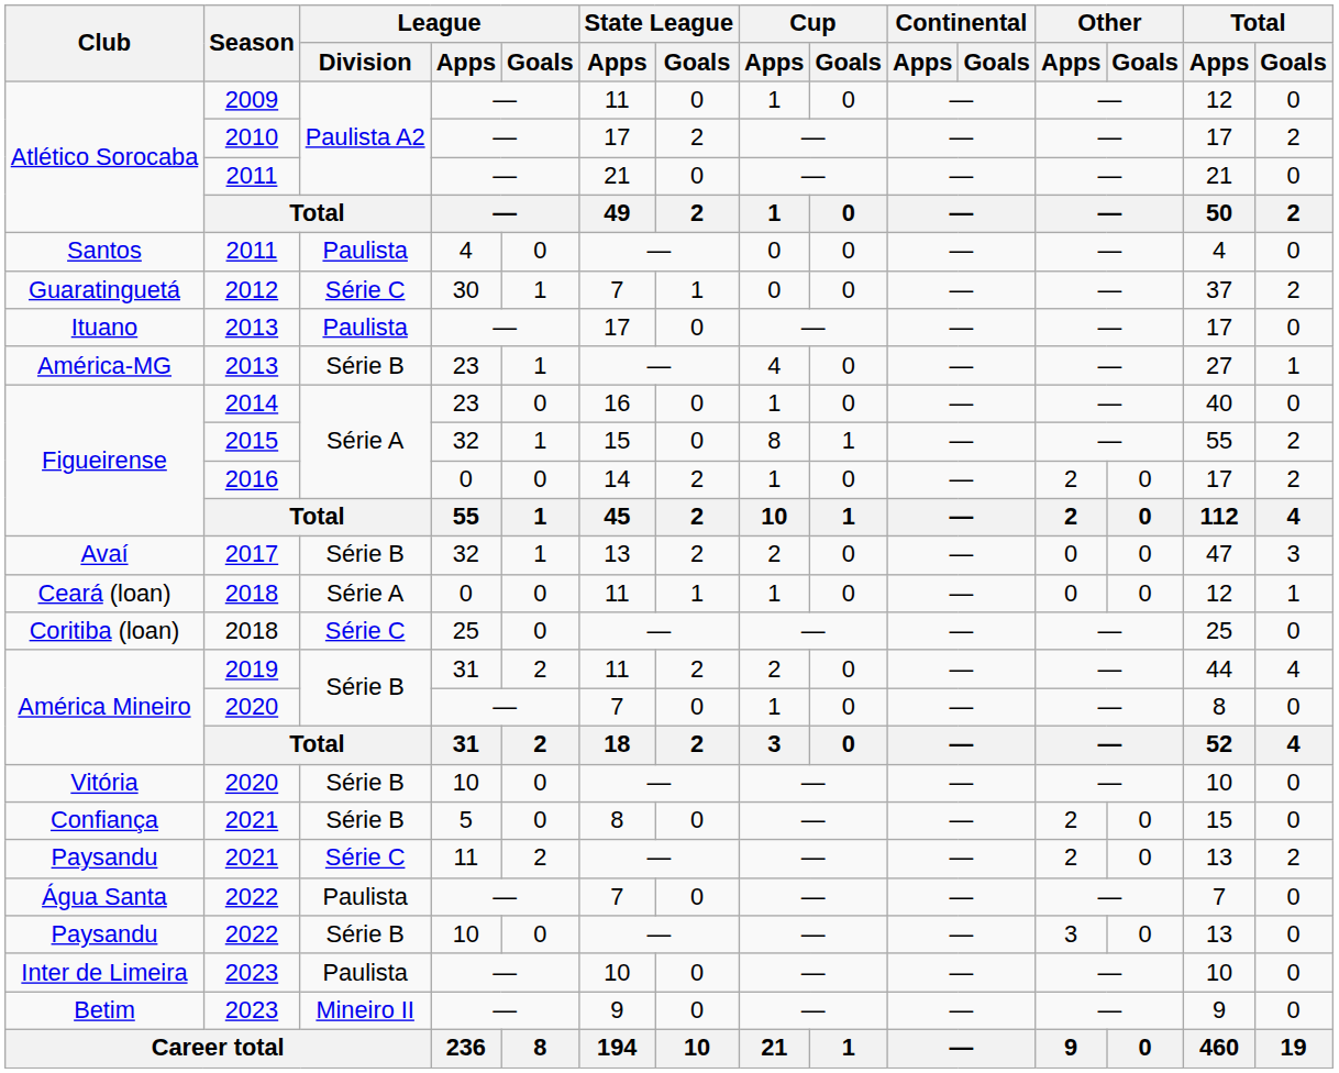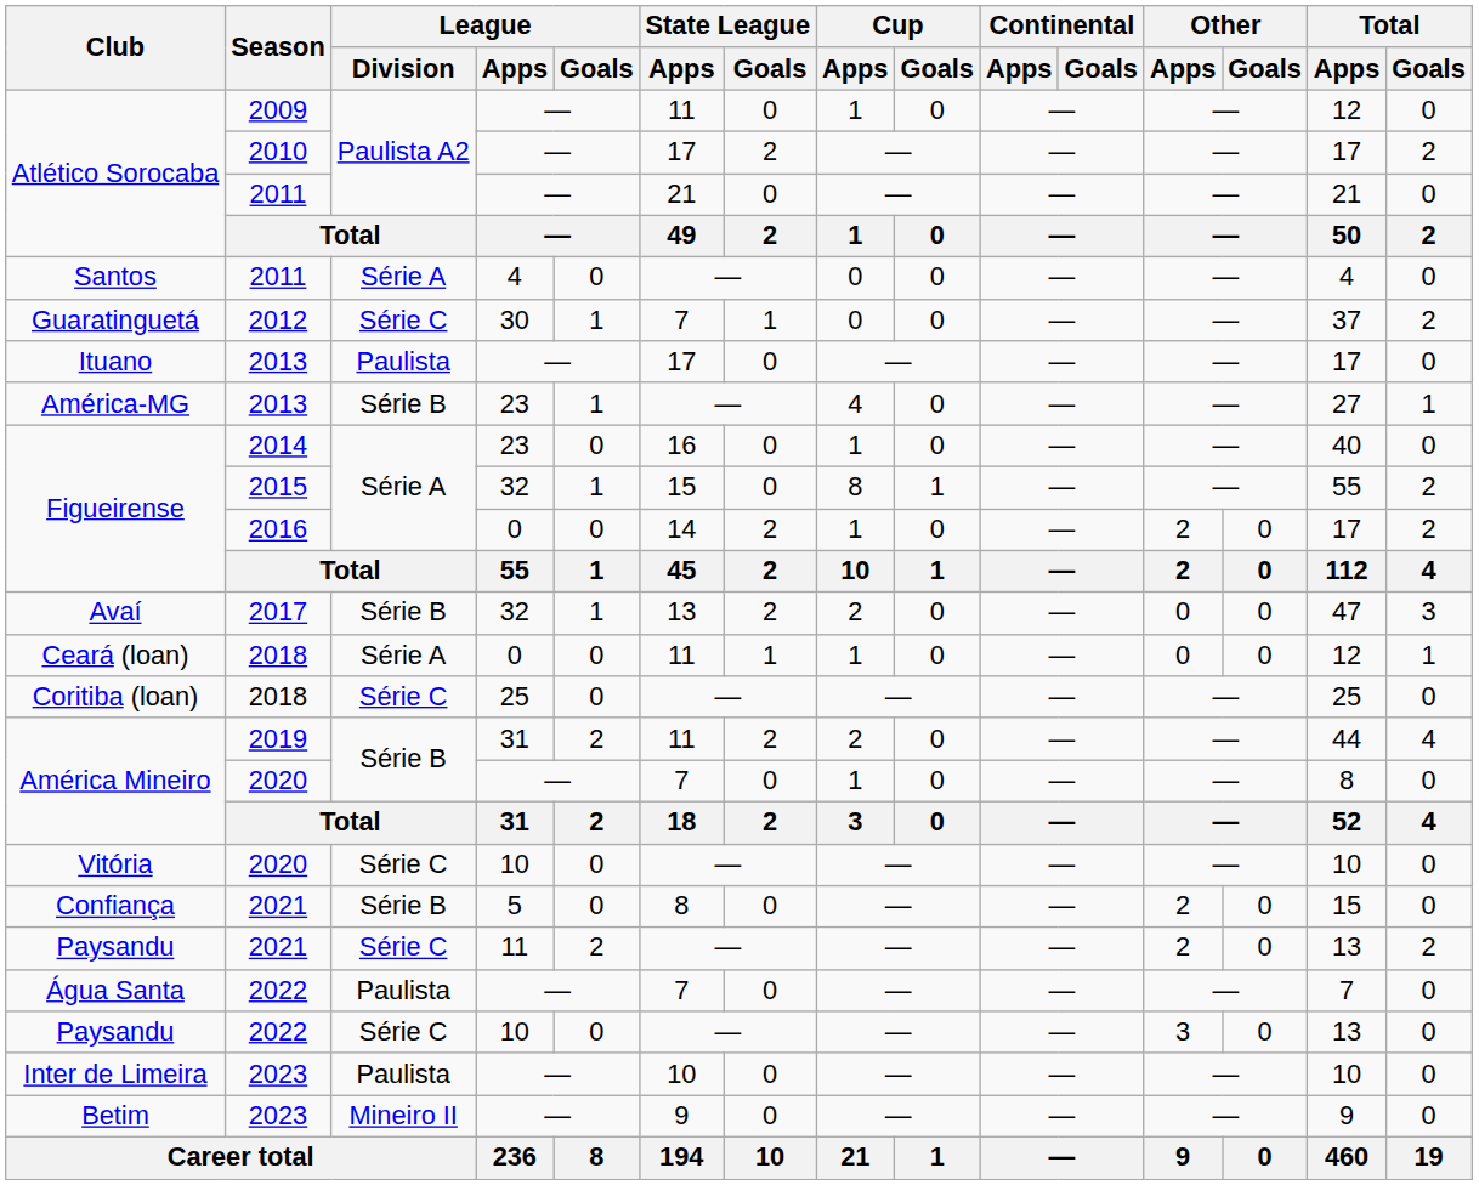 <table class="wikitable" style="text-align: center;">
 <tr>
 <th rowspan="2">Club</th>
 <th rowspan="2">Season</th>
 <th colspan="3">League</th>
 <th colspan="2">State League</th>
 <th colspan="2">Cup</th>
 <th colspan="2">Continental</th>
 <th colspan="2">Other</th>
 <th colspan="2">Total</th>
 </tr>
 <tr>
 <th>Division</th>
 <th>Apps</th>
 <th>Goals</th>
 <th>Apps</th>
 <th>Goals</th>
 <th>Apps</th>
 <th>Goals</th>
 <th>Apps</th>
 <th>Goals</th>
 <th>Apps</th>
 <th>Goals</th>
 <th>Apps</th>
 <th>Goals</th>
 </tr>
 <tr>
 <td rowspan="4" valign="center"><a href='#'>Atlético Sorocaba</a></td>
 <td><a href='#'>2009</a></td>
 <td rowspan="3"><a href='#'>Paulista A2</a></td>
 <td colspan="2">—</td>
 <td>11</td>
 <td>0</td>
 <td>1</td>
 <td>0</td>
 <td colspan="2">—</td>
 <td colspan="2">—</td>
 <td>12</td>
 <td>0</td>
 </tr>
 <tr>
 <td><a href='#'>2010</a></td>
 <td colspan="2">—</td>
 <td>17</td>
 <td>2</td>
 <td colspan="2">—</td>
 <td colspan="2">—</td>
 <td colspan="2">—</td>
 <td>17</td>
 <td>2</td>
 </tr>
 <tr>
 <td><a href='#'>2011</a></td>
 <td colspan="2">—</td>
 <td>21</td>
 <td>0</td>
 <td colspan="2">—</td>
 <td colspan="2">—</td>
 <td colspan="2">—</td>
 <td>21</td>
 <td>0</td>
 </tr>
 <tr>
 <th colspan="2">Total</th>
 <th colspan="2">—</th>
 <th>49</th>
 <th>2</th>
 <th>1</th>
 <th>0</th>
 <th colspan="2">—</th>
 <th colspan="2">—</th>
 <th>50</th>
 <th>2</th>
 </tr>
 <tr>
 <td valign="center"><a href='#'>Santos</a></td>
 <td><a href='#'>2011</a></td>
-<td><a href='#'>Paulista</a></td>
+<td><a href='#'>Série A</a></td>
 <td>4</td>
 <td>0</td>
 <td colspan="2">—</td>
 <td>0</td>
 <td>0</td>
 <td colspan="2">—</td>
 <td colspan="2">—</td>
 <td>4</td>
 <td>0</td>
 </tr>
 <tr>
 <td valign="center"><a href='#'>Guaratinguetá</a></td>
 <td><a href='#'>2012</a></td>
 <td><a href='#'>Série C</a></td>
 <td>30</td>
 <td>1</td>
 <td>7</td>
 <td>1</td>
 <td>0</td>
 <td>0</td>
 <td colspan="2">—</td>
 <td colspan="2">—</td>
 <td>37</td>
 <td>2</td>
 </tr>
 <tr>
 <td valign="center"><a href='#'>Ituano</a></td>
 <td><a href='#'>2013</a></td>
 <td><a href='#'>Paulista</a></td>
 <td colspan="2">—</td>
 <td>17</td>
 <td>0</td>
 <td colspan="2">—</td>
 <td colspan="2">—</td>
 <td colspan="2">—</td>
 <td>17</td>
 <td>0</td>
 </tr>
 <tr>
 <td valign="center"><a href='#'>América-MG</a></td>
 <td><a href='#'>2013</a></td>
 <td>Série B</td>
 <td>23</td>
 <td>1</td>
 <td colspan="2">—</td>
 <td>4</td>
 <td>0</td>
 <td colspan="2">—</td>
 <td colspan="2">—</td>
 <td>27</td>
 <td>1</td>
 </tr>
 <tr>
 <td rowspan="4" valign="center"><a href='#'>Figueirense</a></td>
 <td><a href='#'>2014</a></td>
 <td rowspan="3">Série A</td>
 <td>23</td>
 <td>0</td>
 <td>16</td>
 <td>0</td>
 <td>1</td>
 <td>0</td>
 <td colspan="2">—</td>
 <td colspan="2">—</td>
 <td>40</td>
 <td>0</td>
 </tr>
 <tr>
 <td><a href='#'>2015</a></td>
 <td>32</td>
 <td>1</td>
 <td>15</td>
 <td>0</td>
 <td>8</td>
 <td>1</td>
 <td colspan="2">—</td>
 <td colspan="2">—</td>
 <td>55</td>
 <td>2</td>
 </tr>
 <tr>
 <td><a href='#'>2016</a></td>
 <td>0</td>
 <td>0</td>
 <td>14</td>
 <td>2</td>
 <td>1</td>
 <td>0</td>
 <td colspan="2">—</td>
 <td>2</td>
 <td>0</td>
 <td>17</td>
 <td>2</td>
 </tr>
 <tr>
 <th colspan="2">Total</th>
 <th>55</th>
 <th>1</th>
 <th>45</th>
 <th>2</th>
 <th>10</th>
 <th>1</th>
 <th colspan="2">—</th>
 <th>2</th>
 <th>0</th>
 <th>112</th>
 <th>4</th>
 </tr>
 <tr>
 <td valign="center"><a href='#'>Avaí</a></td>
 <td><a href='#'>2017</a></td>
 <td>Série B</td>
 <td>32</td>
 <td>1</td>
 <td>13</td>
 <td>2</td>
 <td>2</td>
 <td>0</td>
 <td colspan="2">—</td>
 <td>0</td>
 <td>0</td>
 <td>47</td>
 <td>3</td>
 </tr>
 <tr>
 <td valign="center"><a href='#'>Ceará</a> (loan)</td>
 <td><a href='#'>2018</a></td>
 <td>Série A</td>
 <td>0</td>
 <td>0</td>
 <td>11</td>
 <td>1</td>
 <td>1</td>
 <td>0</td>
 <td colspan="2">—</td>
 <td>0</td>
 <td>0</td>
 <td>12</td>
 <td>1</td>
 </tr>
 <tr>
 <td valign="center"><a href='#'>Coritiba</a> (loan)</td>
 <td>2018</td>
 <td><a href='#'>Série C</a></td>
 <td>25</td>
 <td>0</td>
 <td colspan="2">—</td>
 <td colspan="2">—</td>
 <td colspan="2">—</td>
 <td colspan="2">—</td>
 <td>25</td>
 <td>0</td>
 </tr>
 <tr>
 <td rowspan="3" valign="center"><a href='#'>América Mineiro</a></td>
 <td><a href='#'>2019</a></td>
 <td rowspan="2">Série B</td>
 <td>31</td>
 <td>2</td>
 <td>11</td>
 <td>2</td>
 <td>2</td>
 <td>0</td>
 <td colspan="2">—</td>
 <td colspan="2">—</td>
 <td>44</td>
 <td>4</td>
 </tr>
 <tr>
 <td><a href='#'>2020</a></td>
 <td colspan="2">—</td>
 <td>7</td>
 <td>0</td>
 <td>1</td>
 <td>0</td>
 <td colspan="2">—</td>
 <td colspan="2">—</td>
 <td>8</td>
 <td>0</td>
 </tr>
 <tr>
 <th colspan="2">Total</th>
 <th>31</th>
 <th>2</th>
 <th>18</th>
 <th>2</th>
 <th>3</th>
 <th>0</th>
 <th colspan="2">—</th>
 <th colspan="2">—</th>
 <th>52</th>
 <th>4</th>
 </tr>
 <tr>
 <td valign="center"><a href='#'>Vitória</a></td>
 <td><a href='#'>2020</a></td>
-<td>Série B</td>
+<td>Série C</td>
 <td>10</td>
 <td>0</td>
 <td colspan="2">—</td>
 <td colspan="2">—</td>
 <td colspan="2">—</td>
 <td colspan="2">—</td>
 <td>10</td>
 <td>0</td>
 </tr>
 <tr>
 <td valign="center"><a href='#'>Confiança</a></td>
 <td><a href='#'>2021</a></td>
 <td>Série B</td>
 <td>5</td>
 <td>0</td>
 <td>8</td>
 <td>0</td>
 <td colspan="2">—</td>
 <td colspan="2">—</td>
 <td>2</td>
 <td>0</td>
 <td>15</td>
 <td>0</td>
 </tr>
 <tr>
 <td valign="center"><a href='#'>Paysandu</a></td>
 <td><a href='#'>2021</a></td>
 <td><a href='#'>Série C</a></td>
 <td>11</td>
 <td>2</td>
 <td colspan="2">—</td>
 <td colspan="2">—</td>
 <td colspan="2">—</td>
 <td>2</td>
 <td>0</td>
 <td>13</td>
 <td>2</td>
 </tr>
 <tr>
 <td valign="center"><a href='#'>Água Santa</a></td>
 <td><a href='#'>2022</a></td>
 <td>Paulista</td>
 <td colspan="2">—</td>
 <td>7</td>
 <td>0</td>
 <td colspan="2">—</td>
 <td colspan="2">—</td>
 <td colspan="2">—</td>
 <td>7</td>
 <td>0</td>
 </tr>
 <tr>
 <td valign="center"><a href='#'>Paysandu</a></td>
 <td><a href='#'>2022</a></td>
-<td>Série B</td>
+<td>Série C</td>
 <td>10</td>
 <td>0</td>
 <td colspan="2">—</td>
 <td colspan="2">—</td>
 <td colspan="2">—</td>
 <td>3</td>
 <td>0</td>
 <td>13</td>
 <td>0</td>
 </tr>
 <tr>
 <td valign="center"><a href='#'>Inter de Limeira</a></td>
 <td><a href='#'>2023</a></td>
 <td>Paulista</td>
 <td colspan="2">—</td>
 <td>10</td>
 <td>0</td>
 <td colspan="2">—</td>
 <td colspan="2">—</td>
 <td colspan="2">—</td>
 <td>10</td>
 <td>0</td>
 </tr>
 <tr>
 <td valign="center"><a href='#'>Betim</a></td>
 <td><a href='#'>2023</a></td>
 <td><a href='#'>Mineiro II</a></td>
 <td colspan="2">—</td>
 <td>9</td>
 <td>0</td>
 <td colspan="2">—</td>
 <td colspan="2">—</td>
 <td colspan="2">—</td>
 <td>9</td>
 <td>0</td>
 </tr>
 <tr>
 <th colspan="3"><strong>Career total</strong></th>
 <th>236</th>
 <th>8</th>
 <th>194</th>
 <th>10</th>
 <th>21</th>
 <th>1</th>
 <th colspan="2">—</th>
 <th>9</th>
 <th>0</th>
 <th>460</th>
 <th>19</th>
 </tr>
 </table>
